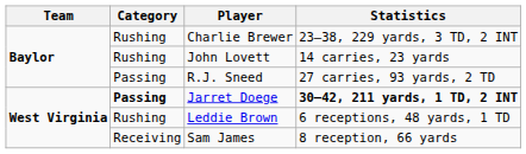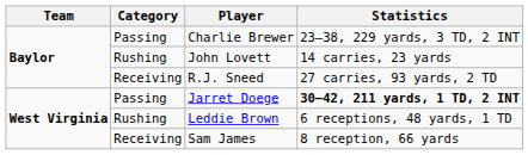 <table class="wikitable" style="float: right;">
 <tr>
 <th>Team</th>
 <th>Category</th>
 <th>Player</th>
 <th>Statistics</th>
 </tr>
 <tr>
 <td rowspan=3><strong>Baylor</strong></td>
-<td>Rushing</td>
+<td>Passing</td>
 <td>Charlie Brewer</td>
 <td>23–38, 229 yards, 3 TD, 2 INT</td>
 </tr>
 <tr>
 <td>Rushing</td>
 <td>John Lovett</td>
 <td>14 carries, 23 yards</td>
 </tr>
 <tr>
-<td>Passing</td>
+<td>Receiving</td>
 <td>R.J. Sneed</td>
 <td>27 carries, 93 yards, 2 TD</td>
 </tr>
 <tr>
 <td rowspan=3><strong>West Virginia</strong></td>
-<td><strong>Passing</strong></td>
+<td>Passing</td>
 <td><a href='#'>Jarret Doege</a></td>
 <td><strong>30–42, 211 yards, 1 TD, 2 INT</strong></td>
 </tr>
 <tr>
 <td>Rushing</td>
 <td><a href='#'>Leddie Brown</a></td>
 <td>6 receptions, 48 yards, 1 TD</td>
 </tr>
 <tr>
 <td>Receiving</td>
 <td>Sam James</td>
 <td>8 reception, 66 yards</td>
 </tr>
 </table>
